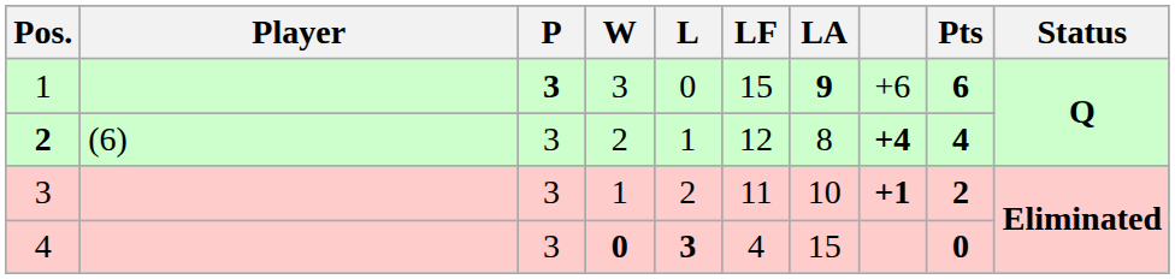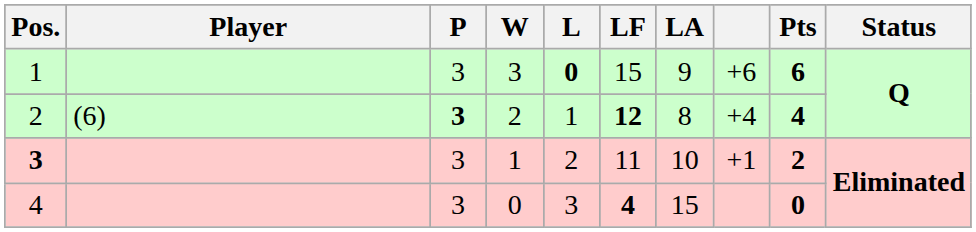 <table class="wikitable" style="text-align:center; margin: 1em auto 1em auto, align:left">
 <tr>
 <th width=25>Pos.</th>
 <th width=200>Player</th>
 <th width=25>P</th>
 <th width=25>W</th>
 <th width=25>L</th>
 <th width=25>LF</th>
 <th width=25>LA</th>
 <th width=25></th>
 <th width=25>Pts</th>
 <th width=75>Status</th>
 </tr>
 <tr style="background:#CCFFCC;">
 <td>1</td>
 <td align=left></td>
-<td><strong>3</strong></td>
 <td>3</td>
-<td>0</td>
+<td>3</td>
+<td><strong>0</strong></td>
 <td>15</td>
-<td><strong>9</strong></td>
+<td>9</td>
 <td>+6</td>
 <td><strong>6</strong></td>
 <td rowspan=2><strong>Q</strong></td>
 </tr>
 <tr style="background:#CCFFCC;">
-<td><strong>2</strong></td>
+<td>2</td>
 <td align=left> (6)</td>
-<td>3</td>
+<td><strong>3</strong></td>
 <td>2</td>
 <td>1</td>
-<td>12</td>
+<td><strong>12</strong></td>
 <td>8</td>
-<td><strong>+4</strong></td>
+<td>+4</td>
 <td><strong>4</strong></td>
 </tr>
 <tr style="background:#FFCCCC;">
-<td>3</td>
+<td><strong>3</strong></td>
 <td align=left></td>
 <td>3</td>
 <td>1</td>
 <td>2</td>
 <td>11</td>
 <td>10</td>
-<td><strong>+1</strong></td>
+<td>+1</td>
 <td><strong>2</strong></td>
 <td rowspan=2><strong>Eliminated</strong></td>
 </tr>
 <tr style="background:#FFCCCC;">
 <td>4</td>
 <td align=left></td>
 <td>3</td>
-<td><strong>0</strong></td>
-<td><strong>3</strong></td>
-<td>4</td>
+<td>0</td>
+<td>3</td>
+<td><strong>4</strong></td>
 <td>15</td>
 <td></td>
 <td><strong>0</strong></td>
 </tr>
 </table>
